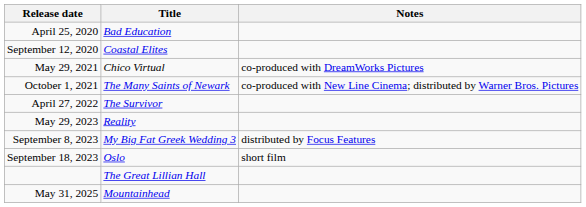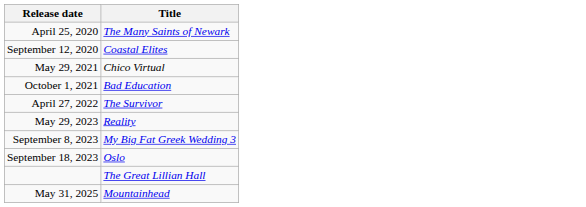 <table class="wikitable sortable">
 <tr>
 <th>Release date</th>
 <th>Title</th>
-<th>Notes</th>
 </tr>
 <tr>
 <td style="text-align:right;">April 25, 2020</td>
-<td><em><a href='#'>Bad Education</a></em></td>
-<td></td>
+<td><em><a href='#'>The Many Saints of Newark</a></em></td>
 </tr>
 <tr>
 <td style="text-align:right;">September 12, 2020</td>
 <td><em><a href='#'>Coastal Elites</a></em></td>
-<td></td>
 </tr>
 <tr>
 <td style="text-align:right;">May 29, 2021</td>
 <td><em>Chico Virtual</em></td>
-<td>co-produced with <a href='#'>DreamWorks Pictures</a></td>
 </tr>
 <tr>
 <td style="text-align:right;">October 1, 2021</td>
-<td><em><a href='#'>The Many Saints of Newark</a></em></td>
-<td>co-produced with <a href='#'>New Line Cinema</a>; distributed by <a href='#'>Warner Bros. Pictures</a></td>
+<td><em><a href='#'>Bad Education</a></em></td>
 </tr>
 <tr>
 <td style="text-align:right;">April 27, 2022</td>
 <td><em><a href='#'>The Survivor</a></em></td>
-<td></td>
 </tr>
 <tr>
 <td style="text-align:right;">May 29, 2023</td>
 <td><em><a href='#'>Reality</a></em></td>
-<td></td>
 </tr>
 <tr>
 <td style="text-align:right;">September 8, 2023</td>
 <td><em><a href='#'>My Big Fat Greek Wedding 3</a></em></td>
-<td>distributed by <a href='#'>Focus Features</a></td>
 </tr>
 <tr>
 <td style="text-align:right;">September 18, 2023</td>
 <td><em><a href='#'>Oslo</a></em></td>
-<td>short film</td>
 </tr>
 <tr>
 <td style="text-align:right;"></td>
 <td><em><a href='#'>The Great Lillian Hall</a></em></td>
-<td></td>
 </tr>
 <tr>
 <td style="text-align:right;">May 31, 2025</td>
 <td><em><a href='#'>Mountainhead</a></em></td>
-<td></td>
 </tr>
 </table>
